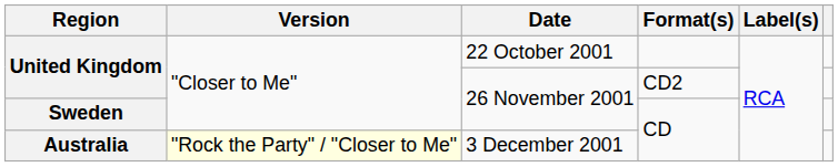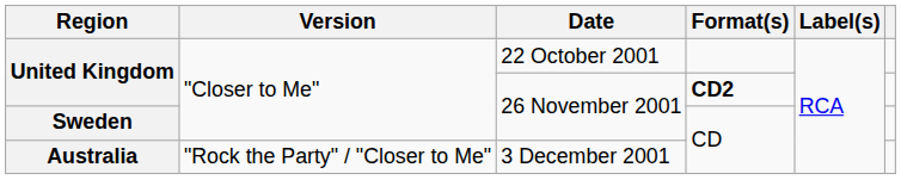 <table class="wikitable plainrowheaders">
 <tr>
 <th scope="col">Region</th>
 <th scope="col">Version</th>
 <th scope="col">Date</th>
 <th scope="col">Format(s)</th>
 <th scope="col">Label(s)</th>
 <th scope="col"></th>
 </tr>
 <tr>
 <th scope="row" rowspan="2">United Kingdom</th>
 <td rowspan="3">"Closer to Me"</td>
 <td>22 October 2001</td>
 <td></td>
 <td rowspan="4"><a href='#'>RCA</a></td>
 <td></td>
 </tr>
 <tr>
 <td rowspan="2">26 November 2001</td>
-<td>CD2</td>
+<td><strong>CD2</strong></td>
 <td></td>
 </tr>
 <tr>
 <th scope="row">Sweden</th>
 <td rowspan="2">CD</td>
 <td></td>
 </tr>
 <tr>
 <th scope="row">Australia</th>
-<td style="background: lightyellow;">"Rock the Party" / "Closer to Me"</td>
+<td>"Rock the Party" / "Closer to Me"</td>
 <td>3 December 2001</td>
 <td></td>
 </tr>
 </table>
